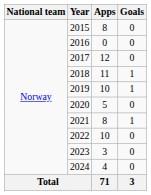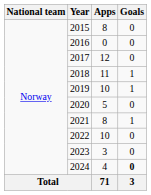 <table class="wikitable" style="text-align:center">
 <tr>
 <th>National team</th>
 <th>Year</th>
 <th>Apps</th>
 <th>Goals</th>
 </tr>
 <tr>
 <td rowspan="10"><a href='#'>Norway</a></td>
 <td>2015</td>
 <td>8</td>
 <td>0</td>
 </tr>
 <tr>
 <td>2016</td>
 <td>0</td>
 <td>0</td>
 </tr>
 <tr>
 <td>2017</td>
 <td>12</td>
 <td>0</td>
 </tr>
 <tr>
 <td>2018</td>
 <td>11</td>
 <td>1</td>
 </tr>
 <tr>
 <td>2019</td>
 <td>10</td>
 <td>1</td>
 </tr>
 <tr>
 <td>2020</td>
 <td>5</td>
 <td>0</td>
 </tr>
 <tr>
 <td>2021</td>
 <td>8</td>
 <td>1</td>
 </tr>
 <tr>
 <td>2022</td>
 <td>10</td>
 <td>0</td>
 </tr>
 <tr>
 <td>2023</td>
 <td>3</td>
 <td>0</td>
 </tr>
 <tr>
 <td>2024</td>
 <td>4</td>
-<td>0</td>
+<td><strong>0</strong></td>
 </tr>
 <tr>
 <th colspan="2">Total</th>
 <th>71</th>
 <th>3</th>
 </tr>
 </table>
